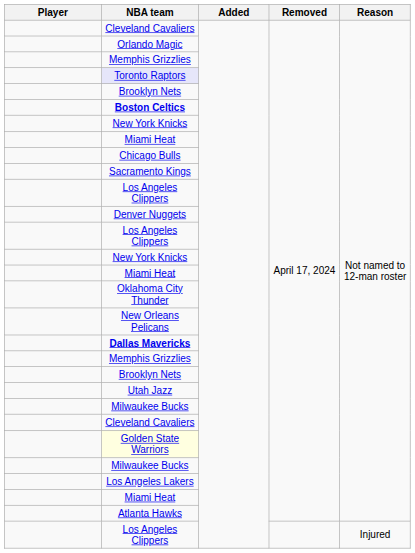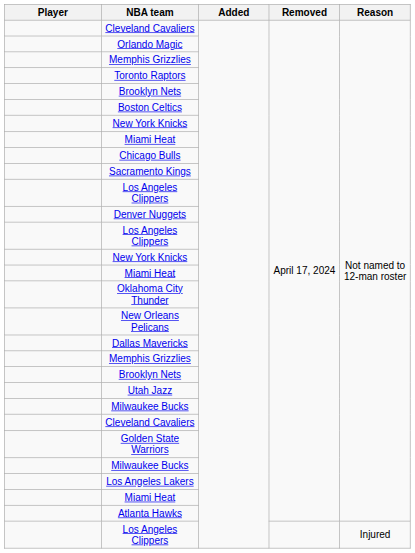 <table class="wikitable sortable" style="text-align:center; font-size:95%">
 <tr>
 <th scope="col" width="140px">Player</th>
 <th scope="col" width="140px">NBA team</th>
 <th scope="col" width="100px">Added</th>
 <th scope="col" width="100px">Removed</th>
 <th scope="col" width="100px">Reason</th>
 </tr>
 <tr>
 <td></td>
 <td><a href='#'>Cleveland Cavaliers</a></td>
 <td rowspan=29></td>
 <td rowspan=28>April 17, 2024</td>
 <td rowspan="28">Not named to 12-man roster</td>
 </tr>
 <tr>
 <td></td>
 <td><a href='#'>Orlando Magic</a></td>
 </tr>
 <tr>
 <td></td>
 <td><a href='#'>Memphis Grizzlies</a></td>
 </tr>
 <tr>
 <td></td>
-<td style="background: lavender;"><a href='#'>Toronto Raptors</a></td>
+<td><a href='#'>Toronto Raptors</a></td>
 </tr>
 <tr>
 <td></td>
 <td><a href='#'>Brooklyn Nets</a></td>
 </tr>
 <tr>
 <td></td>
-<td><strong><a href='#'>Boston Celtics</a></strong></td>
+<td><a href='#'>Boston Celtics</a></td>
 </tr>
 <tr>
 <td></td>
 <td><a href='#'>New York Knicks</a></td>
 </tr>
 <tr>
 <td></td>
 <td><a href='#'>Miami Heat</a></td>
 </tr>
 <tr>
 <td></td>
 <td><a href='#'>Chicago Bulls</a></td>
 </tr>
 <tr>
 <td></td>
 <td><a href='#'>Sacramento Kings</a></td>
 </tr>
 <tr>
 <td></td>
 <td><a href='#'>Los Angeles Clippers</a></td>
 </tr>
 <tr>
 <td></td>
 <td><a href='#'>Denver Nuggets</a></td>
 </tr>
 <tr>
 <td></td>
 <td><a href='#'>Los Angeles Clippers</a></td>
 </tr>
 <tr>
 <td></td>
 <td><a href='#'>New York Knicks</a></td>
 </tr>
 <tr>
 <td></td>
 <td><a href='#'>Miami Heat</a></td>
 </tr>
 <tr>
 <td></td>
 <td><a href='#'>Oklahoma City Thunder</a></td>
 </tr>
 <tr>
 <td></td>
 <td><a href='#'>New Orleans Pelicans</a></td>
 </tr>
 <tr>
 <td></td>
-<td><strong><a href='#'>Dallas Mavericks</a></strong></td>
+<td><a href='#'>Dallas Mavericks</a></td>
 </tr>
 <tr>
 <td></td>
 <td><a href='#'>Memphis Grizzlies</a></td>
 </tr>
 <tr>
 <td></td>
 <td><a href='#'>Brooklyn Nets</a></td>
 </tr>
 <tr>
 <td></td>
 <td><a href='#'>Utah Jazz</a></td>
 </tr>
 <tr>
 <td></td>
 <td><a href='#'>Milwaukee Bucks</a></td>
 </tr>
 <tr>
 <td></td>
 <td><a href='#'>Cleveland Cavaliers</a></td>
 </tr>
 <tr>
 <td></td>
-<td style="background: lightyellow;"><a href='#'>Golden State Warriors</a></td>
+<td><a href='#'>Golden State Warriors</a></td>
 </tr>
 <tr>
 <td></td>
 <td><a href='#'>Milwaukee Bucks</a></td>
 </tr>
 <tr>
 <td></td>
 <td><a href='#'>Los Angeles Lakers</a></td>
 </tr>
 <tr>
 <td></td>
 <td><a href='#'>Miami Heat</a></td>
 </tr>
 <tr>
 <td></td>
 <td><a href='#'>Atlanta Hawks</a></td>
 </tr>
 <tr>
 <td></td>
 <td><a href='#'>Los Angeles Clippers</a></td>
 <td></td>
 <td>Injured</td>
 </tr>
 </table>
